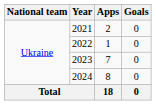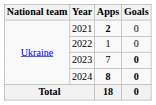 <table class=wikitable style=text-align:center>
 <tr>
 <th>National team</th>
 <th>Year</th>
 <th>Apps</th>
 <th>Goals</th>
 </tr>
 <tr>
 <td rowspan="4"><a href='#'>Ukraine</a></td>
 <td>2021</td>
-<td>2</td>
+<td><strong>2</strong></td>
 <td>0</td>
 </tr>
 <tr>
 <td>2022</td>
 <td>1</td>
 <td>0</td>
 </tr>
 <tr>
 <td>2023</td>
 <td>7</td>
-<td>0</td>
+<td><strong>0</strong></td>
 </tr>
 <tr>
 <td>2024</td>
-<td>8</td>
-<td>0</td>
+<td><strong>8</strong></td>
+<td><strong>0</strong></td>
 </tr>
 <tr>
 <th colspan="2">Total</th>
 <th>18</th>
 <th>0</th>
 </tr>
 </table>
